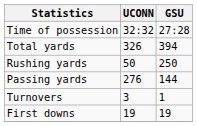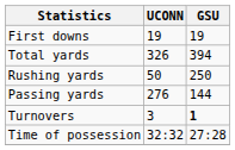 <table class="wikitable" style="float: left;">
 <tr>
 <th>Statistics</th>
 <th>UCONN</th>
 <th>GSU</th>
 </tr>
 <tr>
-<td>Time of possession</td>
-<td>32:32</td>
-<td>27:28</td>
+<td>First downs</td>
+<td>19</td>
+<td>19</td>
 </tr>
 <tr>
 <td>Total yards</td>
 <td>326</td>
 <td>394</td>
 </tr>
 <tr>
 <td>Rushing yards</td>
 <td>50</td>
 <td>250</td>
 </tr>
 <tr>
 <td>Passing yards</td>
 <td>276</td>
 <td>144</td>
 </tr>
 <tr>
 <td>Turnovers</td>
 <td>3</td>
-<td>1</td>
+<td><strong>1</strong></td>
 </tr>
 <tr>
-<td>First downs</td>
-<td>19</td>
-<td>19</td>
+<td>Time of possession</td>
+<td>32:32</td>
+<td>27:28</td>
 </tr>
 <tr>
 </tr>
 </table>
